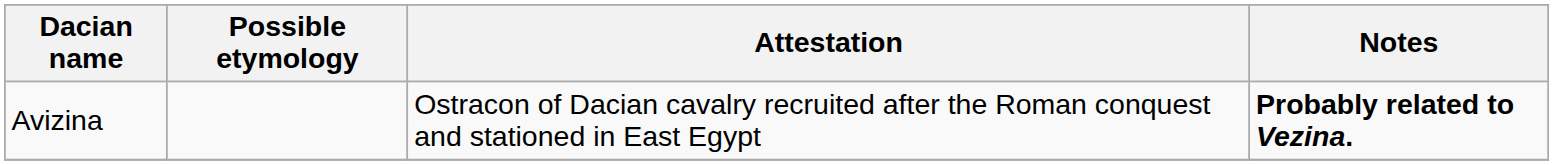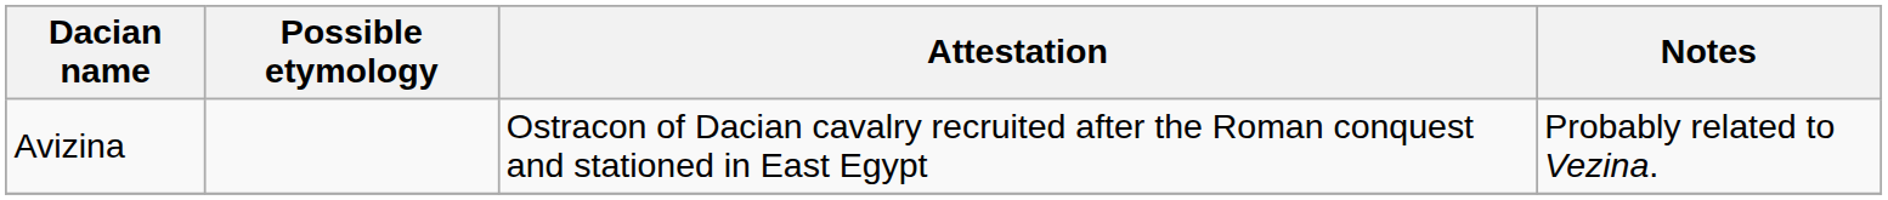 <table class="wikitable">
 <tr>
 <th>Dacian name</th>
 <th>Possible etymology</th>
 <th>Attestation</th>
 <th>Notes</th>
 </tr>
 <tr>
 <td>Avizina</td>
 <td></td>
 <td>Ostracon of Dacian cavalry recruited after the Roman conquest and stationed in East Egypt </td>
-<td><strong>Probably related to <em>Vezina</em>.</strong></td>
+<td>Probably related to <em>Vezina</em>.</td>
 </tr>
 <tr>
 </tr>
 </table>
